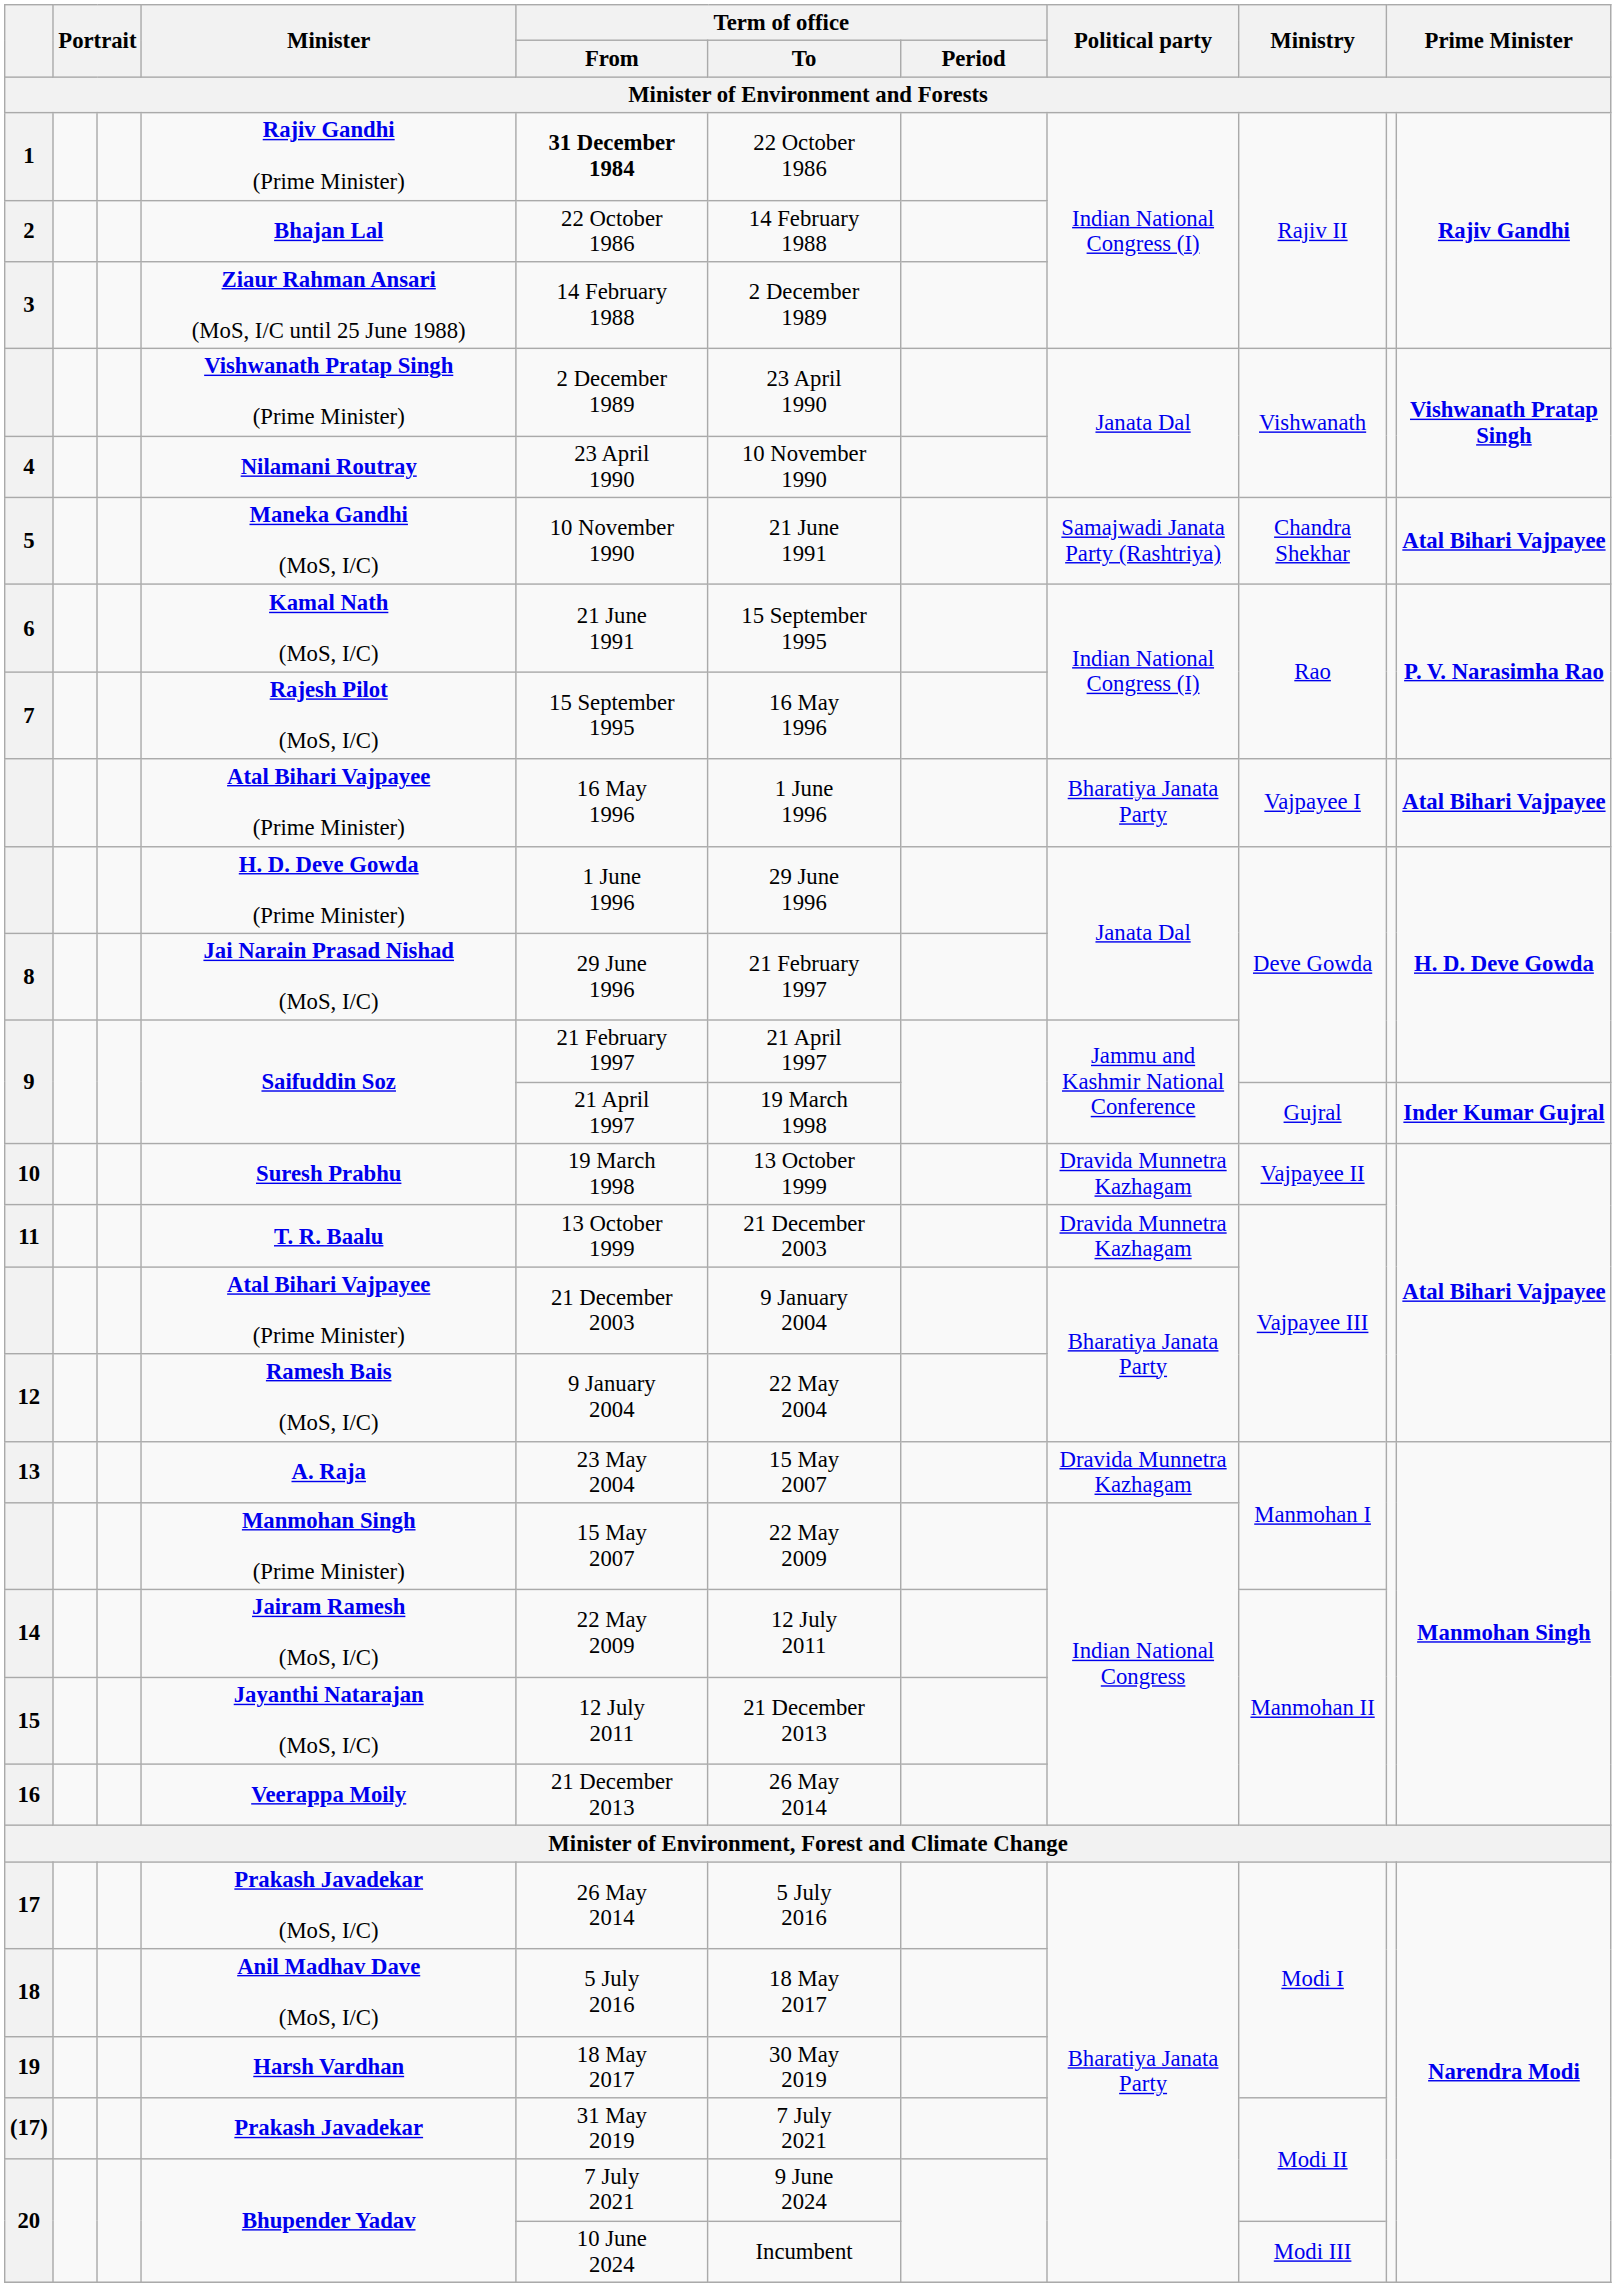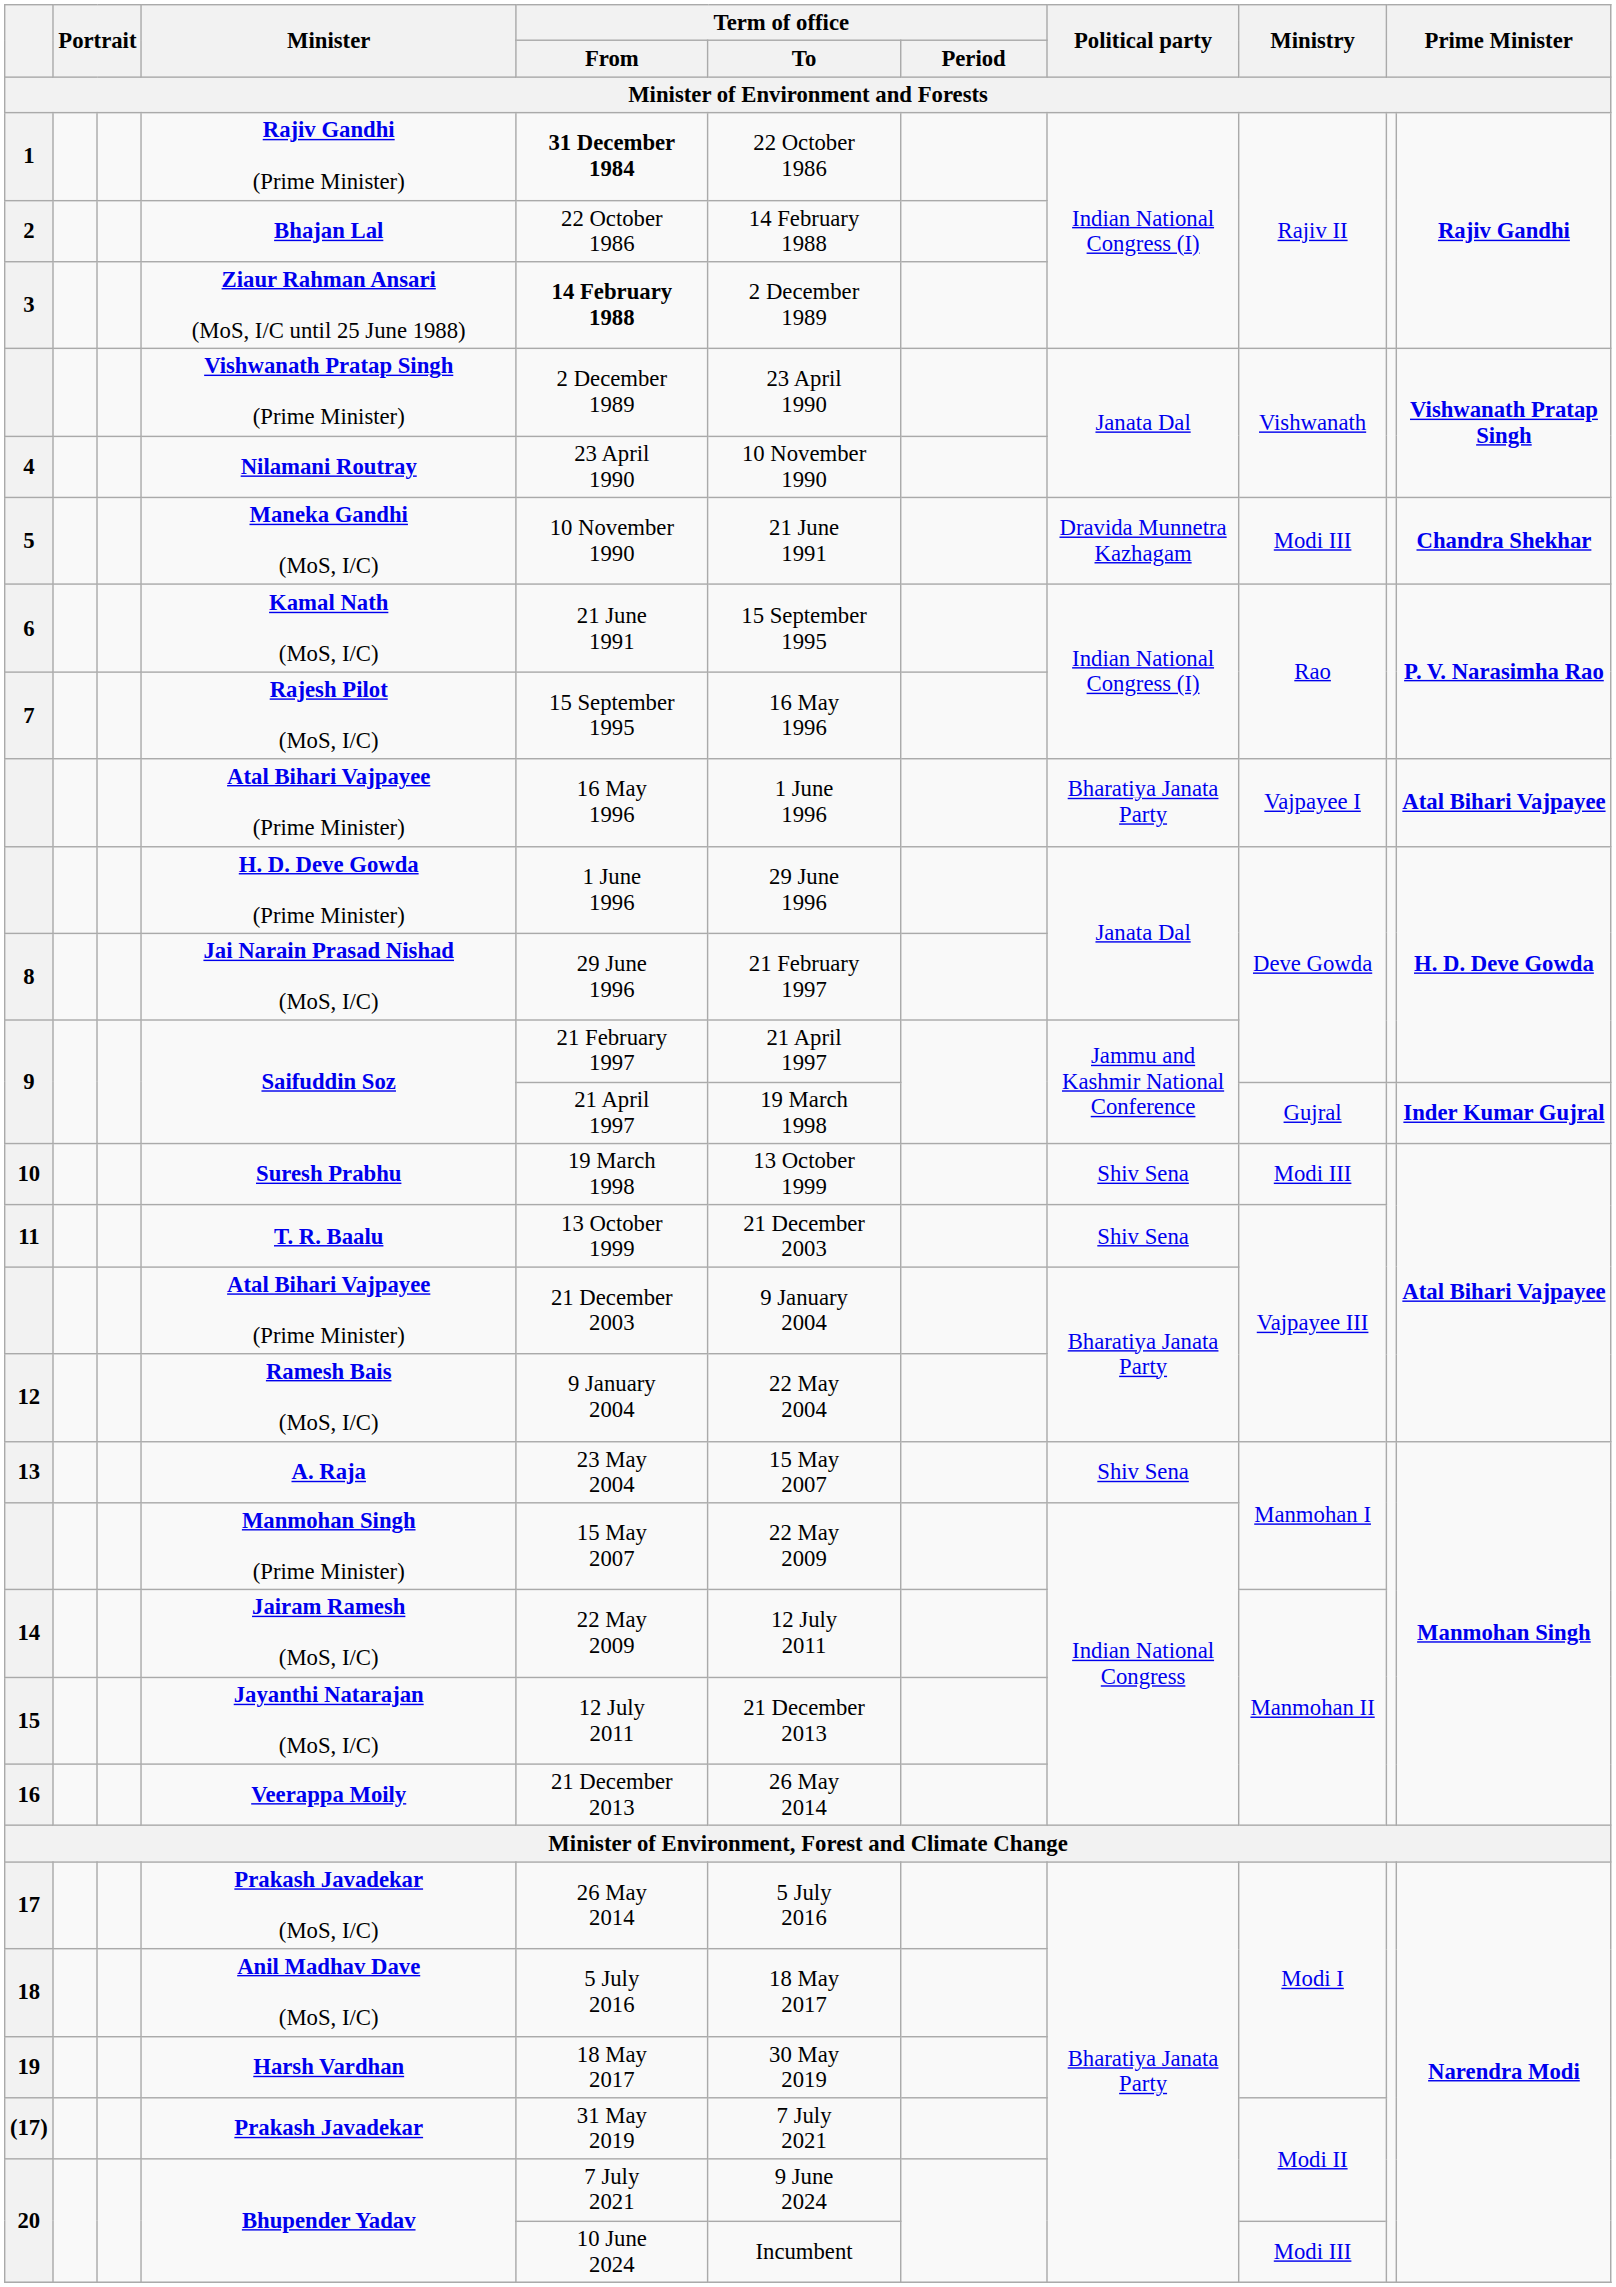 <table class="wikitable" style="text-align:center">
 <tr>
 <th rowspan="2"></th>
 <th rowspan="2" colspan="2">Portrait</th>
 <th rowspan="2" style="width:16em">Minister<br></th>
 <th colspan="3">Term of office</th>
 <th rowspan="2" style="width:8em">Political party</th>
 <th rowspan="2" style="width:6em">Ministry</th>
 <th rowspan="2" colspan="2">Prime Minister</th>
 </tr>
 <tr>
 <th style="width:8em">From</th>
 <th style="width:8em">To</th>
 <th style="width:6em">Period</th>
 </tr>
 <tr>
 <th colspan="11">Minister of Environment and Forests</th>
 </tr>
 <tr>
 <th>1</th>
 <td></td>
 <td></td>
 <td><strong><a href='#'>Rajiv Gandhi</a></strong><br><br>(Prime Minister)</td>
 <td><strong>31 December<br>1984</strong></td>
 <td>22 October<br>1986</td>
 <td><strong></strong></td>
 <td rowspan="3"><a href='#'>Indian National Congress (I)</a></td>
 <td rowspan="3"><a href='#'>Rajiv II</a></td>
 <td rowspan="3"></td>
 <td rowspan="3" style="width:9em"><strong><a href='#'>Rajiv Gandhi</a></strong></td>
 </tr>
 <tr>
 <th>2</th>
 <td></td>
 <td></td>
 <td><strong><a href='#'>Bhajan Lal</a></strong><br></td>
 <td>22 October<br>1986</td>
 <td>14 February<br>1988</td>
 <td><strong></strong></td>
 </tr>
 <tr>
 <th>3</th>
 <td></td>
 <td></td>
 <td><strong><a href='#'>Ziaur Rahman Ansari</a></strong><br><br>(MoS, I/C until 25 June 1988)</td>
-<td>14 February<br>1988</td>
+<td><strong>14 February<br>1988</strong></td>
 <td>2 December<br>1989</td>
 <td><strong></strong></td>
 </tr>
 <tr>
 <th></th>
 <td></td>
 <td></td>
 <td><strong><a href='#'>Vishwanath Pratap Singh</a></strong><br><br>(Prime Minister)</td>
 <td>2 December<br>1989</td>
 <td>23 April<br>1990</td>
 <td><strong></strong></td>
 <td rowspan="2"><a href='#'>Janata Dal</a></td>
 <td rowspan="2"><a href='#'>Vishwanath</a></td>
 <td rowspan="2"></td>
 <td rowspan="2"><strong><a href='#'>Vishwanath Pratap Singh</a></strong></td>
 </tr>
 <tr>
 <th>4</th>
 <td></td>
 <td></td>
 <td><strong><a href='#'>Nilamani Routray</a></strong><br></td>
 <td>23 April<br>1990</td>
 <td>10 November<br>1990</td>
 <td><strong></strong></td>
 </tr>
 <tr>
 <th>5</th>
 <td></td>
 <td></td>
 <td><strong><a href='#'>Maneka Gandhi</a></strong><br><br>(MoS, I/C)</td>
 <td>10 November<br>1990</td>
 <td>21 June<br>1991</td>
 <td><strong></strong></td>
-<td><a href='#'>Samajwadi Janata Party (Rashtriya)</a></td>
-<td><a href='#'>Chandra Shekhar</a></td>
+<td><a href='#'>Dravida Munnetra Kazhagam</a></td>
+<td><a href='#'>Modi III</a></td>
 <td></td>
-<td><strong><a href='#'>Atal Bihari Vajpayee</a></strong></td>
+<td><strong><a href='#'>Chandra Shekhar</a></strong></td>
 </tr>
 <tr>
 <th>6</th>
 <td></td>
 <td></td>
 <td><strong><a href='#'>Kamal Nath</a></strong><br><br>(MoS, I/C)</td>
 <td>21 June<br>1991</td>
 <td>15 September<br>1995</td>
 <td><strong></strong></td>
 <td rowspan="2"><a href='#'>Indian National Congress (I)</a></td>
 <td rowspan="2"><a href='#'>Rao</a></td>
 <td rowspan="2"></td>
 <td rowspan="2"><strong><a href='#'>P. V. Narasimha Rao</a></strong></td>
 </tr>
 <tr>
 <th>7</th>
 <td></td>
 <td></td>
 <td><strong><a href='#'>Rajesh Pilot</a></strong><br><br>(MoS, I/C)</td>
 <td>15 September<br>1995</td>
 <td>16 May<br>1996</td>
 <td><strong></strong></td>
 </tr>
 <tr>
 <th></th>
 <td></td>
 <td></td>
 <td><strong><a href='#'>Atal Bihari Vajpayee</a></strong><br><br>(Prime Minister)</td>
 <td>16 May<br>1996</td>
 <td>1 June<br>1996</td>
 <td><strong></strong></td>
 <td><a href='#'>Bharatiya Janata Party</a></td>
 <td><a href='#'>Vajpayee I</a></td>
 <td></td>
 <td><strong><a href='#'>Atal Bihari Vajpayee</a></strong></td>
 </tr>
 <tr>
 <th></th>
 <td></td>
 <td></td>
 <td><strong><a href='#'>H. D. Deve Gowda</a></strong><br><br>(Prime Minister)</td>
 <td>1 June<br>1996</td>
 <td>29 June<br>1996</td>
 <td><strong></strong></td>
 <td rowspan="2"><a href='#'>Janata Dal</a></td>
 <td rowspan="3"><a href='#'>Deve Gowda</a></td>
 <td rowspan="3"></td>
 <td rowspan="3"><strong><a href='#'>H. D. Deve Gowda</a></strong></td>
 </tr>
 <tr>
 <th>8</th>
 <td></td>
 <td></td>
 <td><strong><a href='#'>Jai Narain Prasad Nishad</a></strong><br><br>(MoS, I/C)</td>
 <td>29 June<br>1996</td>
 <td>21 February<br>1997</td>
 <td><strong></strong></td>
 </tr>
 <tr>
 <th rowspan="2">9</th>
 <td rowspan="2"></td>
 <td rowspan="2"></td>
 <td rowspan="2"><strong><a href='#'>Saifuddin Soz</a></strong><br></td>
 <td>21 February<br>1997</td>
 <td>21 April<br>1997</td>
 <td rowspan="2"><strong></strong></td>
 <td rowspan="2"><a href='#'>Jammu and Kashmir National Conference</a></td>
 </tr>
 <tr>
 <td>21 April<br>1997</td>
 <td>19 March<br>1998</td>
 <td><a href='#'>Gujral</a></td>
 <td></td>
 <td><strong><a href='#'>Inder Kumar Gujral</a></strong></td>
 </tr>
 <tr>
 <th>10</th>
 <td></td>
 <td></td>
 <td><strong><a href='#'>Suresh Prabhu</a></strong><br></td>
 <td>19 March<br>1998</td>
 <td>13 October<br>1999</td>
 <td><strong></strong></td>
-<td><a href='#'>Dravida Munnetra Kazhagam</a></td>
-<td><a href='#'>Vajpayee II</a></td>
+<td><a href='#'>Shiv Sena</a></td>
+<td><a href='#'>Modi III</a></td>
 <td rowspan="4"></td>
 <td rowspan="4"><strong><a href='#'>Atal Bihari Vajpayee</a></strong></td>
 </tr>
 <tr>
 <th>11</th>
 <td></td>
 <td></td>
 <td><strong><a href='#'>T. R. Baalu</a></strong><br></td>
 <td>13 October<br>1999</td>
 <td>21 December<br>2003</td>
 <td><strong></strong></td>
-<td><a href='#'>Dravida Munnetra Kazhagam</a></td>
+<td><a href='#'>Shiv Sena</a></td>
 <td rowspan="3"><a href='#'>Vajpayee III</a></td>
 </tr>
 <tr>
 <th></th>
 <td></td>
 <td></td>
 <td><strong><a href='#'>Atal Bihari Vajpayee</a></strong><br><br>(Prime Minister)</td>
 <td>21 December<br>2003</td>
 <td>9 January<br>2004</td>
 <td><strong></strong></td>
 <td rowspan="2"><a href='#'>Bharatiya Janata Party</a></td>
 </tr>
 <tr>
 <th>12</th>
 <td></td>
 <td></td>
 <td><strong><a href='#'>Ramesh Bais</a></strong><br><br>(MoS, I/C)</td>
 <td>9 January<br>2004</td>
 <td>22 May<br>2004</td>
 <td><strong></strong></td>
 </tr>
 <tr>
 <th>13</th>
 <td></td>
 <td></td>
 <td><strong><a href='#'>A. Raja</a></strong><br></td>
 <td>23 May<br>2004</td>
 <td>15 May<br>2007</td>
 <td><strong></strong></td>
-<td><a href='#'>Dravida Munnetra Kazhagam</a></td>
+<td><a href='#'>Shiv Sena</a></td>
 <td rowspan="2"><a href='#'>Manmohan I</a></td>
 <td rowspan="5"></td>
 <td rowspan="5"><strong><a href='#'>Manmohan Singh</a></strong></td>
 </tr>
 <tr>
 <th></th>
 <td></td>
 <td></td>
 <td><strong><a href='#'>Manmohan Singh</a></strong><br><br>(Prime Minister)</td>
 <td>15 May<br>2007</td>
 <td>22 May<br>2009</td>
 <td><strong></strong></td>
 <td rowspan="4"><a href='#'>Indian National Congress</a></td>
 </tr>
 <tr>
 <th>14</th>
 <td></td>
 <td></td>
 <td><strong><a href='#'>Jairam Ramesh</a></strong><br><br>(MoS, I/C)</td>
 <td>22 May<br>2009</td>
 <td>12 July<br>2011</td>
 <td><strong></strong></td>
 <td rowspan="3"><a href='#'>Manmohan II</a></td>
 </tr>
 <tr>
 <th>15</th>
 <td></td>
 <td></td>
 <td><strong><a href='#'>Jayanthi Natarajan</a></strong><br><br>(MoS, I/C)</td>
 <td>12 July<br>2011</td>
 <td>21 December<br>2013</td>
 <td><strong></strong></td>
 </tr>
 <tr>
 <th>16</th>
 <td></td>
 <td></td>
 <td><strong><a href='#'>Veerappa Moily</a></strong><br></td>
 <td>21 December<br>2013</td>
 <td>26 May<br>2014</td>
 <td><strong></strong></td>
 </tr>
 <tr>
 <th colspan="11">Minister of Environment, Forest and Climate Change</th>
 </tr>
 <tr>
 <th>17</th>
 <td></td>
 <td></td>
 <td><strong><a href='#'>Prakash Javadekar</a></strong><br><br>(MoS, I/C)</td>
 <td>26 May<br>2014</td>
 <td>5 July<br>2016</td>
 <td><strong></strong></td>
 <td rowspan="6"><a href='#'>Bharatiya Janata Party</a></td>
 <td rowspan="3"><a href='#'>Modi I</a></td>
 <td rowspan="6"></td>
 <td rowspan="6"><strong><a href='#'>Narendra Modi</a></strong></td>
 </tr>
 <tr>
 <th>18</th>
 <td></td>
 <td></td>
 <td><strong><a href='#'>Anil Madhav Dave</a></strong><br><br>(MoS, I/C)</td>
 <td>5 July<br>2016</td>
 <td>18 May<br>2017<br></td>
 <td><strong></strong></td>
 </tr>
 <tr>
 <th>19</th>
 <td></td>
 <td></td>
 <td><strong><a href='#'>Harsh Vardhan</a></strong><br></td>
 <td>18 May<br>2017</td>
 <td>30 May<br>2019</td>
 <td><strong></strong></td>
 </tr>
 <tr>
 <th>(17)</th>
 <td></td>
 <td></td>
 <td><strong><a href='#'>Prakash Javadekar</a></strong><br></td>
 <td>31 May<br>2019</td>
 <td>7 July<br>2021</td>
 <td><strong></strong></td>
 <td rowspan="2"><a href='#'>Modi II</a></td>
 </tr>
 <tr>
 <th rowspan="2">20</th>
 <td rowspan="2"></td>
 <td rowspan="2"></td>
 <td rowspan="2"><strong><a href='#'>Bhupender Yadav</a></strong><br></td>
 <td>7 July<br>2021</td>
 <td>9 June<br>2024</td>
 <td rowspan="2"><strong></strong></td>
 </tr>
 <tr>
 <td>10 June<br>2024</td>
 <td>Incumbent</td>
 <td><a href='#'>Modi III</a></td>
 </tr>
 <tr>
 </tr>
 </table>
